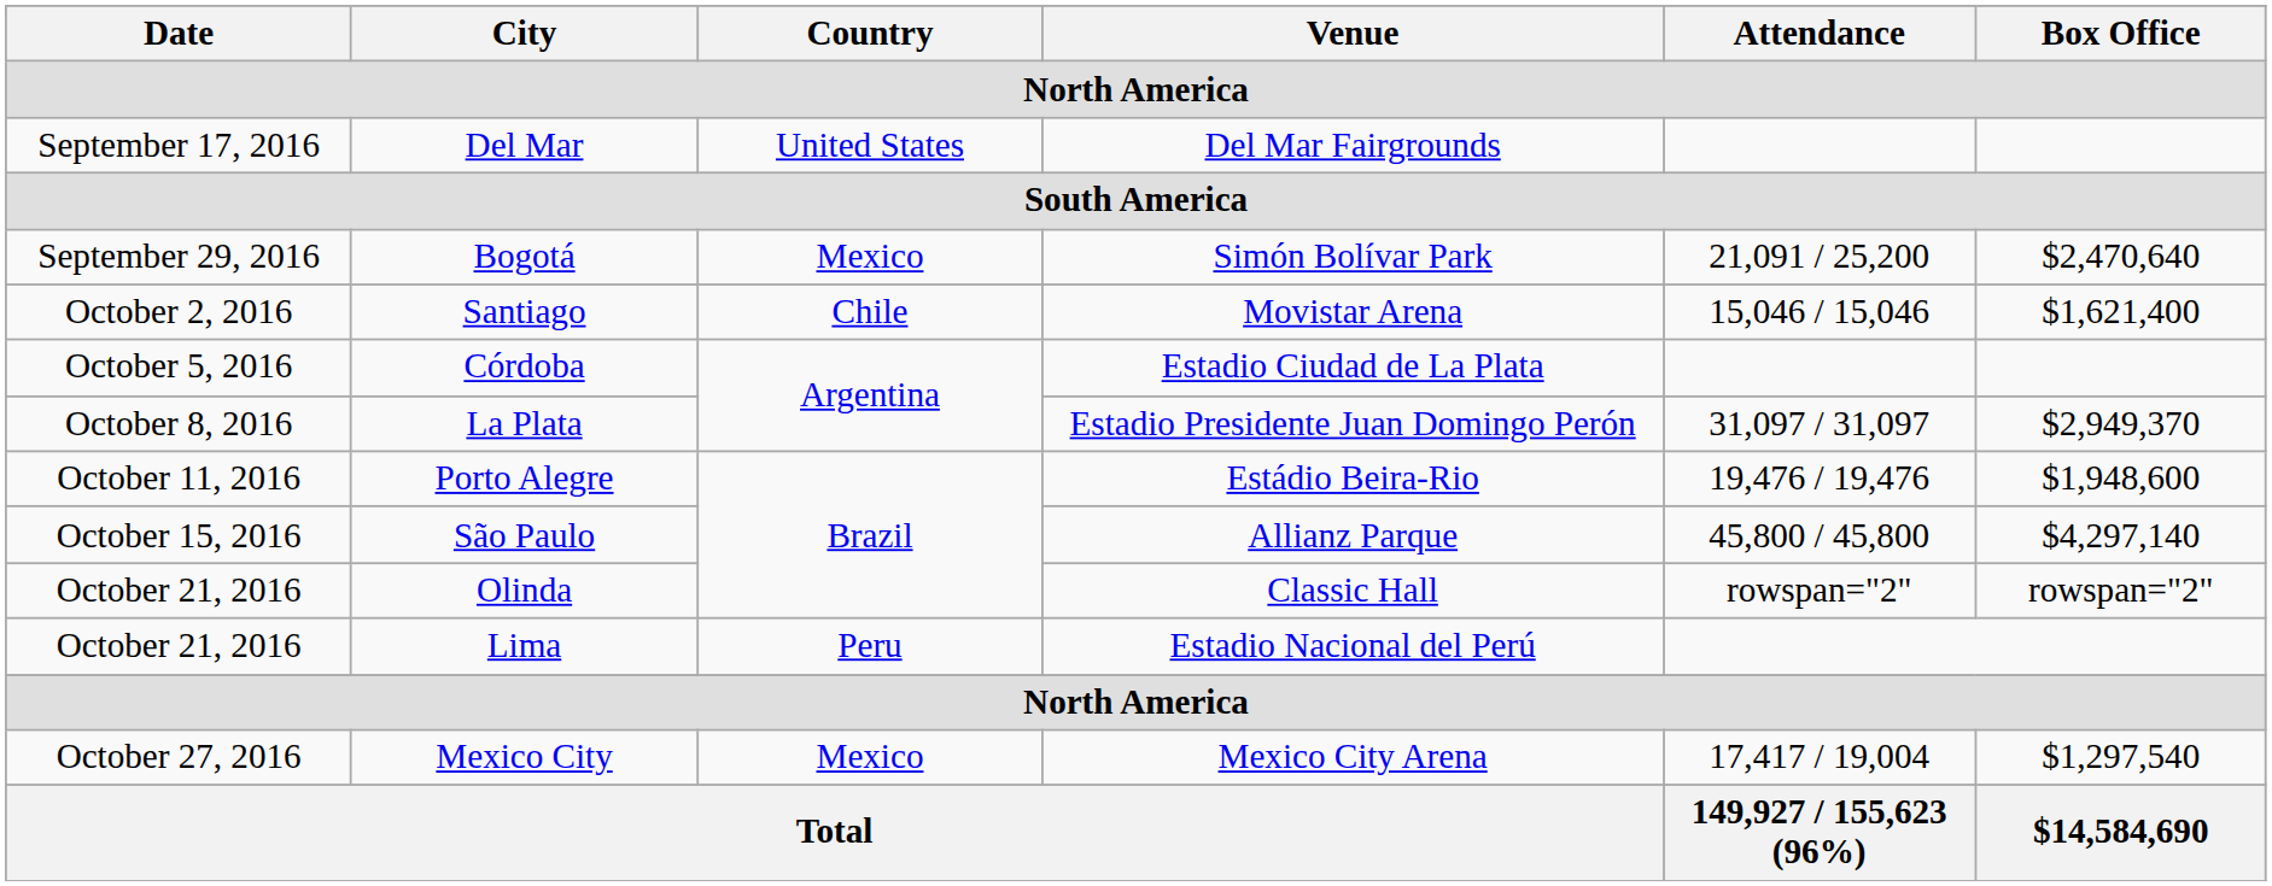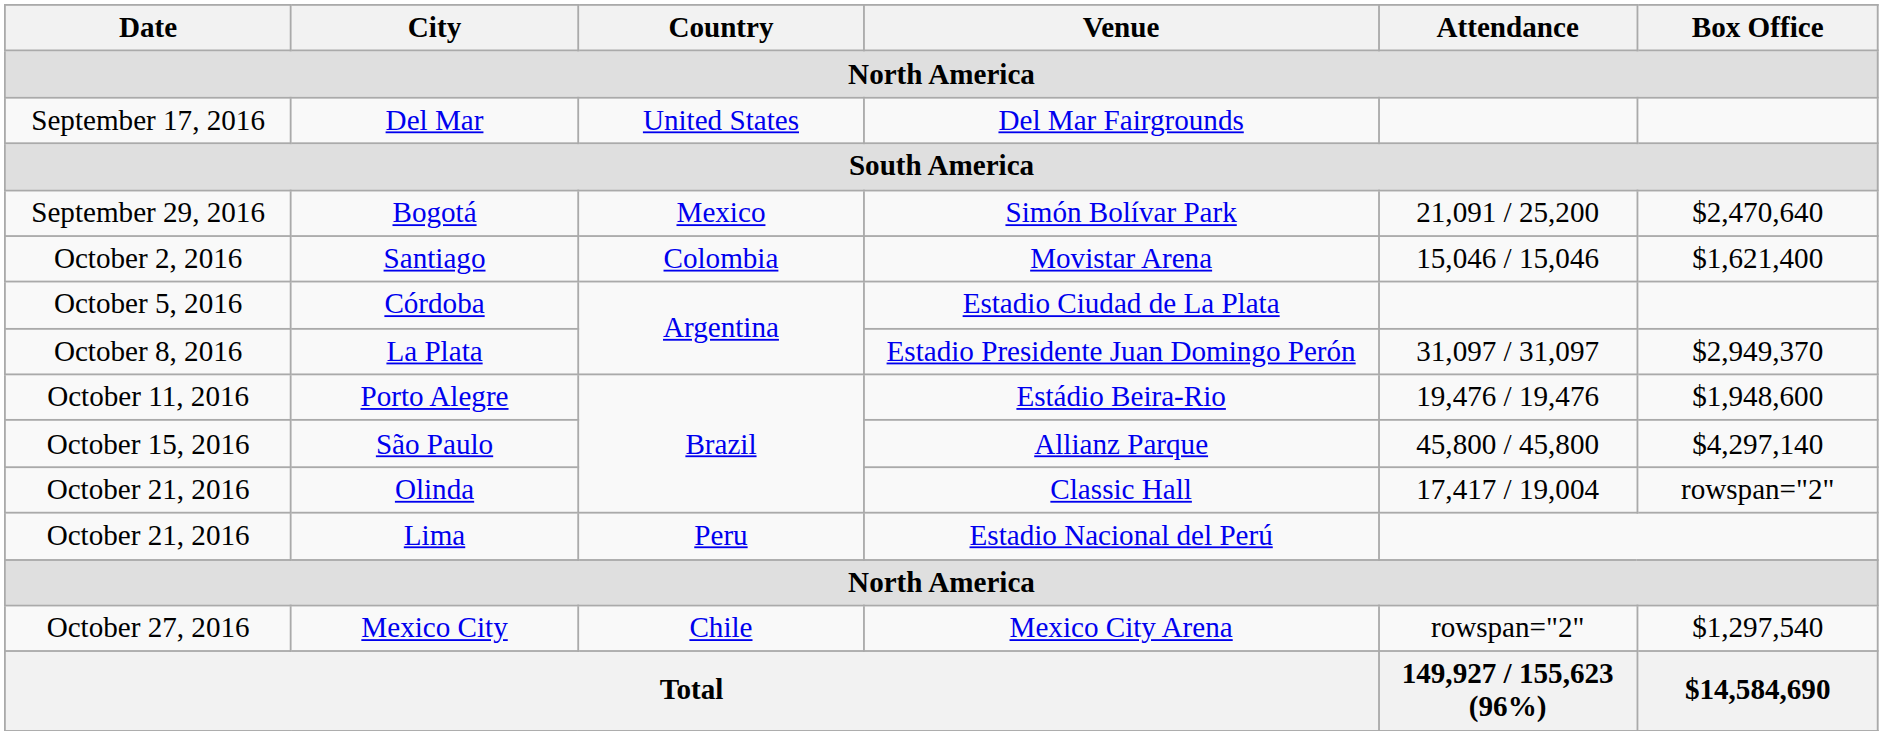 <table class="wikitable" style="text-align:center;">
 <tr>
 <th width="150">Date</th>
 <th width="150">City</th>
 <th width="150">Country</th>
 <th width="275">Venue</th>
 <th width="135">Attendance</th>
 <th width="125">Box Office</th>
 </tr>
 <tr>
 <th colspan="6" style="background:#DFDFDF;">North America</th>
 </tr>
 <tr>
 <td>September 17, 2016</td>
 <td><a href='#'>Del Mar</a></td>
 <td><a href='#'>United States</a></td>
 <td><a href='#'>Del Mar Fairgrounds</a></td>
 <td></td>
 <td></td>
 </tr>
 <tr>
 <th colspan="6" style="background:#DFDFDF;">South America</th>
 </tr>
 <tr>
 <td>September 29, 2016</td>
 <td><a href='#'>Bogotá</a></td>
 <td><a href='#'>Mexico</a></td>
 <td><a href='#'>Simón Bolívar Park</a></td>
 <td>21,091 / 25,200</td>
 <td>$2,470,640</td>
 </tr>
 <tr>
 <td>October 2, 2016</td>
 <td><a href='#'>Santiago</a></td>
-<td><a href='#'>Chile</a></td>
+<td><a href='#'>Colombia</a></td>
 <td><a href='#'>Movistar Arena</a></td>
 <td>15,046 / 15,046</td>
 <td>$1,621,400</td>
 </tr>
 <tr>
 <td>October 5, 2016</td>
 <td><a href='#'>Córdoba</a></td>
 <td rowspan="2"><a href='#'>Argentina</a></td>
 <td><a href='#'>Estadio Ciudad de La Plata</a></td>
 <td></td>
 <td></td>
 </tr>
 <tr>
 <td>October 8, 2016</td>
 <td><a href='#'>La Plata</a></td>
 <td><a href='#'>Estadio Presidente Juan Domingo Perón</a></td>
 <td>31,097 / 31,097</td>
 <td>$2,949,370</td>
 </tr>
 <tr>
 <td>October 11, 2016</td>
 <td><a href='#'>Porto Alegre</a></td>
 <td rowspan="3"><a href='#'>Brazil</a></td>
 <td><a href='#'>Estádio Beira-Rio</a></td>
 <td>19,476 / 19,476</td>
 <td>$1,948,600</td>
 </tr>
 <tr>
 <td>October 15, 2016</td>
 <td><a href='#'>São Paulo</a></td>
 <td><a href='#'>Allianz Parque</a></td>
 <td>45,800 / 45,800</td>
 <td>$4,297,140</td>
 </tr>
 <tr>
 <td>October 21, 2016</td>
 <td><a href='#'>Olinda</a></td>
 <td><a href='#'>Classic Hall</a></td>
-<td>rowspan="2" </td>
+<td>17,417 / 19,004</td>
 <td>rowspan="2" </td>
 </tr>
 <tr>
 <td>October 21, 2016</td>
 <td><a href='#'>Lima</a></td>
 <td><a href='#'>Peru</a></td>
 <td><a href='#'>Estadio Nacional del Perú</a></td>
 </tr>
 <tr>
 <th colspan="6" style="background:#DFDFDF;">North America</th>
 </tr>
 <tr>
 <td>October 27, 2016</td>
 <td><a href='#'>Mexico City</a></td>
-<td><a href='#'>Mexico</a></td>
+<td><a href='#'>Chile</a></td>
 <td><a href='#'>Mexico City Arena</a></td>
-<td>17,417 / 19,004</td>
+<td>rowspan="2" </td>
 <td>$1,297,540</td>
 </tr>
 <tr>
 <th colspan="4">Total</th>
 <th>149,927 / 155,623 (96%)</th>
 <th>$14,584,690</th>
 </tr>
 <tr>
 </tr>
 </table>
